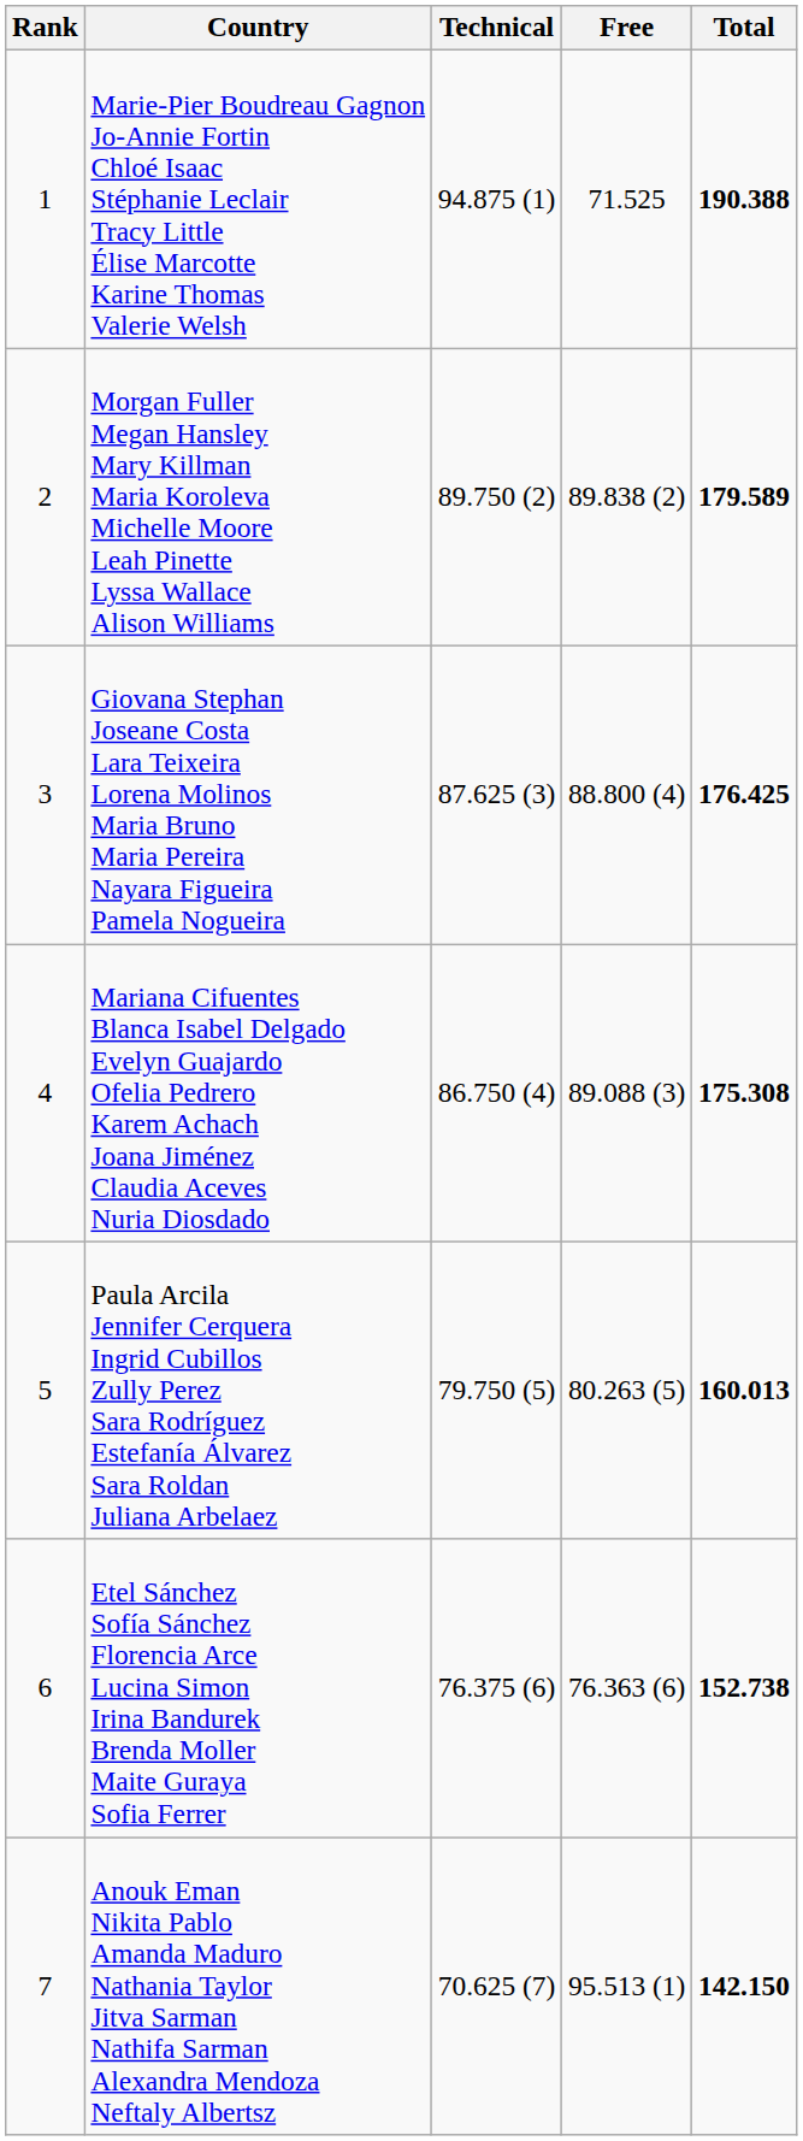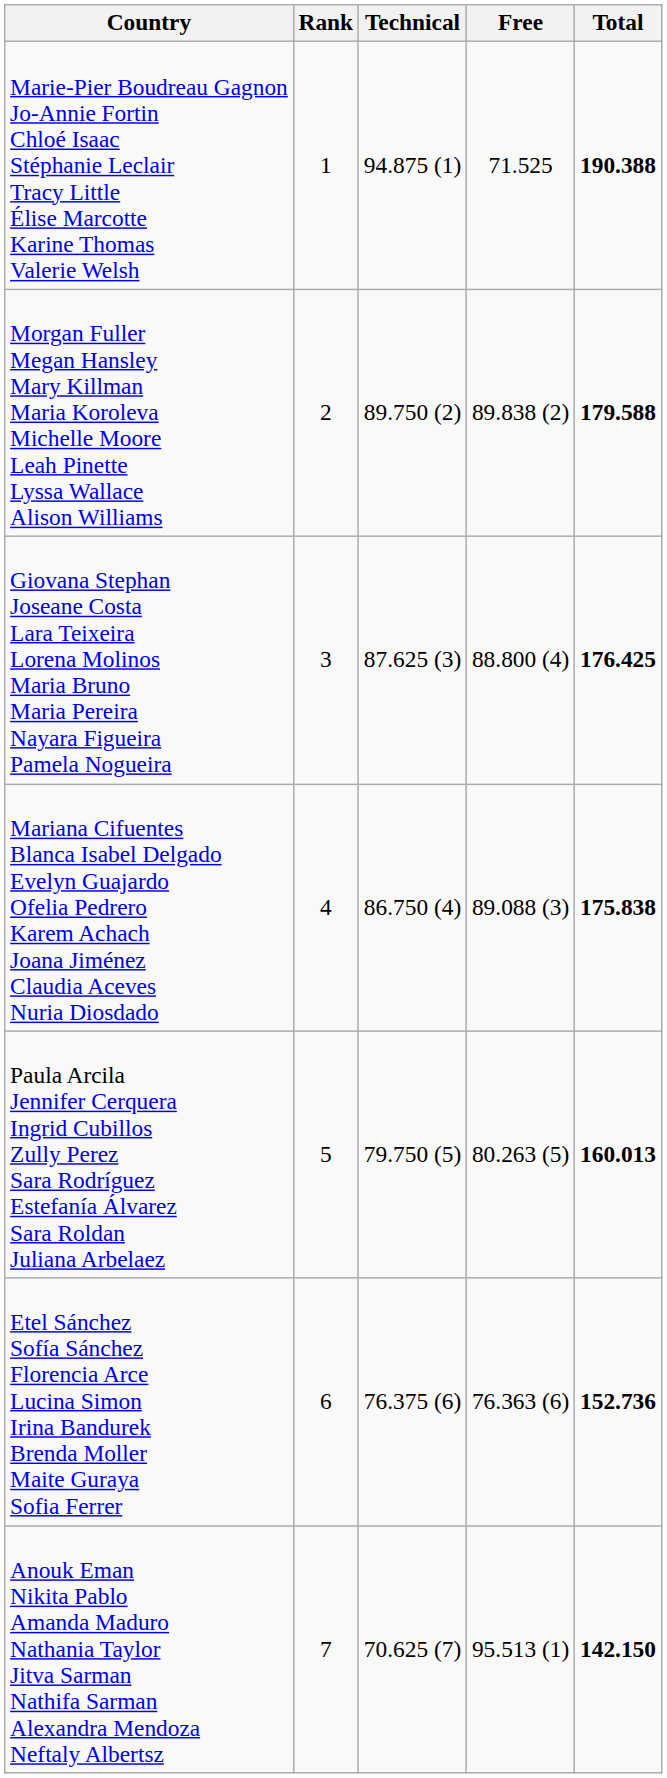 <table class="wikitable" style="text-align:center">
 <tr>
+<th>Country</th>
 <th>Rank</th>
-<th>Country</th>
 <th>Technical </th>
 <th>Free </th>
 <th>Total </th>
 </tr>
 <tr>
+<td align=left><br><a href='#'>Marie-Pier Boudreau Gagnon</a><br><a href='#'>Jo-Annie Fortin</a><br><a href='#'>Chloé Isaac</a><br><a href='#'>Stéphanie Leclair</a><br><a href='#'>Tracy Little</a><br><a href='#'>Élise Marcotte</a><br><a href='#'>Karine Thomas</a><br><a href='#'>Valerie Welsh</a></td>
 <td>1</td>
-<td align=left><br><a href='#'>Marie-Pier Boudreau Gagnon</a><br><a href='#'>Jo-Annie Fortin</a><br><a href='#'>Chloé Isaac</a><br><a href='#'>Stéphanie Leclair</a><br><a href='#'>Tracy Little</a><br><a href='#'>Élise Marcotte</a><br><a href='#'>Karine Thomas</a><br><a href='#'>Valerie Welsh</a></td>
 <td>94.875 (1)</td>
 <td>71.525</td>
 <td><strong>190.388</strong></td>
 </tr>
 <tr>
+<td align=left><br><a href='#'>Morgan Fuller</a><br><a href='#'>Megan Hansley</a><br><a href='#'>Mary Killman</a><br><a href='#'>Maria Koroleva</a><br><a href='#'>Michelle Moore</a><br><a href='#'>Leah Pinette</a><br><a href='#'>Lyssa Wallace</a><br><a href='#'>Alison Williams</a></td>
 <td>2</td>
-<td align=left><br><a href='#'>Morgan Fuller</a><br><a href='#'>Megan Hansley</a><br><a href='#'>Mary Killman</a><br><a href='#'>Maria Koroleva</a><br><a href='#'>Michelle Moore</a><br><a href='#'>Leah Pinette</a><br><a href='#'>Lyssa Wallace</a><br><a href='#'>Alison Williams</a></td>
 <td>89.750 (2)</td>
 <td>89.838 (2)</td>
-<td><strong>179.589</strong></td>
+<td><strong>179.588</strong></td>
 </tr>
 <tr>
+<td align=left><br><a href='#'>Giovana Stephan</a><br><a href='#'>Joseane Costa</a><br><a href='#'>Lara Teixeira</a><br><a href='#'>Lorena Molinos</a><br><a href='#'>Maria Bruno</a><br><a href='#'>Maria Pereira</a><br><a href='#'>Nayara Figueira</a><br><a href='#'>Pamela Nogueira</a></td>
 <td>3</td>
-<td align=left><br><a href='#'>Giovana Stephan</a><br><a href='#'>Joseane Costa</a><br><a href='#'>Lara Teixeira</a><br><a href='#'>Lorena Molinos</a><br><a href='#'>Maria Bruno</a><br><a href='#'>Maria Pereira</a><br><a href='#'>Nayara Figueira</a><br><a href='#'>Pamela Nogueira</a></td>
 <td>87.625 (3)</td>
 <td>88.800 (4)</td>
 <td><strong>176.425</strong></td>
 </tr>
 <tr>
+<td align=left><br><a href='#'>Mariana Cifuentes</a><br><a href='#'>Blanca Isabel Delgado</a><br><a href='#'>Evelyn Guajardo</a><br><a href='#'>Ofelia Pedrero</a><br><a href='#'>Karem Achach</a><br><a href='#'>Joana Jiménez</a><br><a href='#'>Claudia Aceves</a><br><a href='#'>Nuria Diosdado</a></td>
 <td>4</td>
-<td align=left><br><a href='#'>Mariana Cifuentes</a><br><a href='#'>Blanca Isabel Delgado</a><br><a href='#'>Evelyn Guajardo</a><br><a href='#'>Ofelia Pedrero</a><br><a href='#'>Karem Achach</a><br><a href='#'>Joana Jiménez</a><br><a href='#'>Claudia Aceves</a><br><a href='#'>Nuria Diosdado</a></td>
 <td>86.750 (4)</td>
 <td>89.088 (3)</td>
-<td><strong>175.308</strong></td>
+<td><strong>175.838</strong></td>
 </tr>
 <tr>
+<td align=left><br>Paula Arcila<br><a href='#'>Jennifer Cerquera</a><br><a href='#'>Ingrid Cubillos</a><br><a href='#'>Zully Perez</a><br><a href='#'>Sara Rodríguez</a><br><a href='#'>Estefanía Álvarez</a><br><a href='#'>Sara Roldan</a><br><a href='#'>Juliana Arbelaez</a></td>
 <td>5</td>
-<td align=left><br>Paula Arcila<br><a href='#'>Jennifer Cerquera</a><br><a href='#'>Ingrid Cubillos</a><br><a href='#'>Zully Perez</a><br><a href='#'>Sara Rodríguez</a><br><a href='#'>Estefanía Álvarez</a><br><a href='#'>Sara Roldan</a><br><a href='#'>Juliana Arbelaez</a></td>
 <td>79.750 (5)</td>
 <td>80.263 (5)</td>
 <td><strong>160.013</strong></td>
 </tr>
 <tr>
+<td align=left><br><a href='#'>Etel Sánchez</a><br><a href='#'>Sofía Sánchez</a><br><a href='#'>Florencia Arce</a><br><a href='#'>Lucina Simon</a><br><a href='#'>Irina Bandurek</a><br><a href='#'>Brenda Moller</a><br><a href='#'>Maite Guraya</a><br><a href='#'>Sofia Ferrer</a></td>
 <td>6</td>
-<td align=left><br><a href='#'>Etel Sánchez</a><br><a href='#'>Sofía Sánchez</a><br><a href='#'>Florencia Arce</a><br><a href='#'>Lucina Simon</a><br><a href='#'>Irina Bandurek</a><br><a href='#'>Brenda Moller</a><br><a href='#'>Maite Guraya</a><br><a href='#'>Sofia Ferrer</a></td>
 <td>76.375 (6)</td>
 <td>76.363 (6)</td>
-<td><strong>152.738</strong></td>
+<td><strong>152.736</strong></td>
 </tr>
 <tr>
+<td align=left><br><a href='#'>Anouk Eman</a><br><a href='#'>Nikita Pablo</a><br><a href='#'>Amanda Maduro</a><br><a href='#'>Nathania Taylor</a><br><a href='#'>Jitva Sarman</a><br><a href='#'>Nathifa Sarman</a><br><a href='#'>Alexandra Mendoza</a><br><a href='#'>Neftaly Albertsz</a></td>
 <td>7</td>
-<td align=left><br><a href='#'>Anouk Eman</a><br><a href='#'>Nikita Pablo</a><br><a href='#'>Amanda Maduro</a><br><a href='#'>Nathania Taylor</a><br><a href='#'>Jitva Sarman</a><br><a href='#'>Nathifa Sarman</a><br><a href='#'>Alexandra Mendoza</a><br><a href='#'>Neftaly Albertsz</a></td>
 <td>70.625 (7)</td>
 <td>95.513 (1)</td>
 <td><strong>142.150</strong></td>
 </tr>
 </table>
